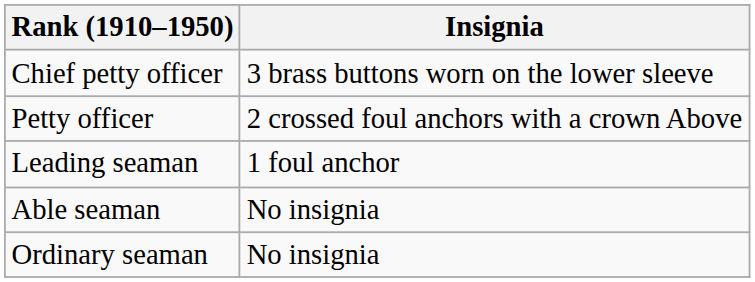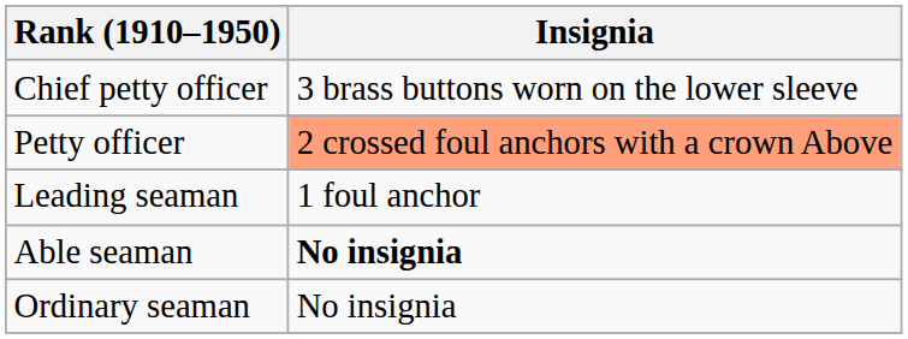 <table class="wikitable">
 <tr>
 <th scope=col>Rank (1910–1950)</th>
 <th scope=col>Insignia</th>
 </tr>
 <tr>
 <td>Chief petty officer</td>
 <td>3 brass buttons worn on the lower sleeve</td>
 </tr>
 <tr>
 <td>Petty officer</td>
-<td>2 crossed foul anchors with a crown Above</td>
+<td style="background: lightsalmon;">2 crossed foul anchors with a crown Above</td>
 </tr>
 <tr>
 <td>Leading seaman</td>
 <td>1 foul anchor</td>
 </tr>
 <tr>
 <td>Able seaman</td>
-<td>No insignia</td>
+<td><strong>No insignia</strong></td>
 </tr>
 <tr>
 <td>Ordinary seaman</td>
 <td>No insignia</td>
 </tr>
 </table>
